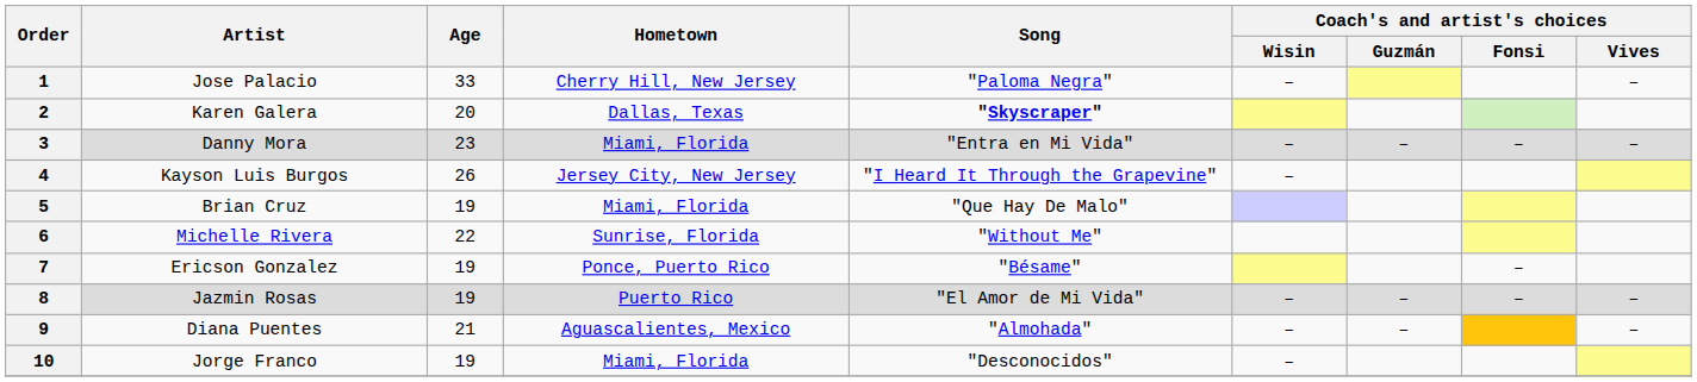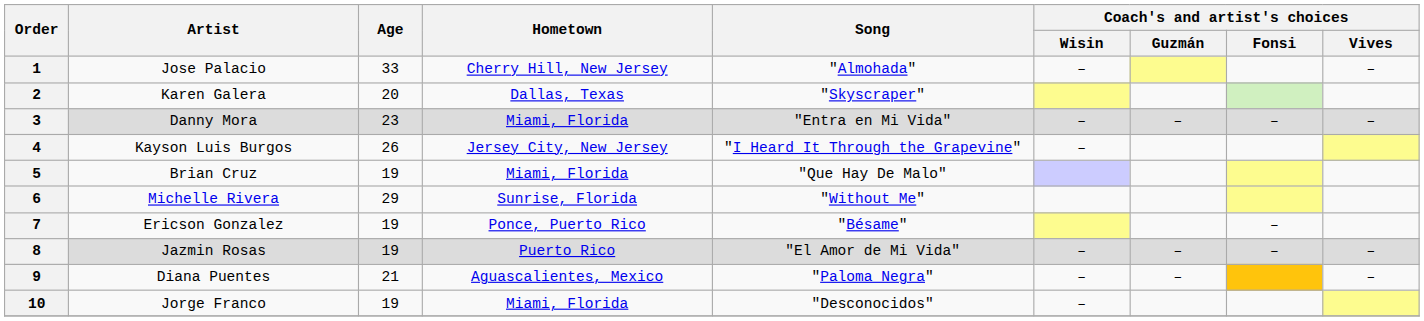 <table class="wikitable" style="text-align:center; line-height:17px; width:100%;">
 <tr>
 <th scope="col" rowspan="2" style="width:04%;">Order</th>
 <th scope="col" rowspan="2" style="width:18%;">Artist</th>
 <th scope="col" rowspan="2" style="width:04%;">Age</th>
 <th scope="col" rowspan="2" style="width:18%;">Hometown</th>
 <th scope="col" rowspan="2" style="width:20%;">Song</th>
 <th scope="col" colspan="4" style="width:24%;">Coach's and artist's choices</th>
 </tr>
 <tr>
 <th style="width:06%;">Wisin</th>
 <th style="width:06%;">Guzmán</th>
 <th style="width:06%;">Fonsi</th>
 <th style="width:06%;">Vives</th>
 </tr>
 <tr>
 <th>1</th>
 <td>Jose Palacio</td>
 <td>33</td>
 <td><a href='#'>Cherry Hill, New Jersey</a></td>
-<td>"<a href='#'>Paloma Negra</a>"</td>
+<td>"<a href='#'>Almohada</a>"</td>
 <td>–</td>
 <td style="background:#fdfc8f;"><strong></strong></td>
 <td><strong></strong></td>
 <td>–</td>
 </tr>
 <tr>
 <th>2</th>
 <td>Karen Galera</td>
 <td>20</td>
 <td><a href='#'>Dallas, Texas</a></td>
-<td><strong>"<a href='#'>Skyscraper</a>"</strong></td>
+<td>"<a href='#'>Skyscraper</a>"</td>
 <td style="background:#fdfc8f;"><strong></strong></td>
 <td><strong></strong></td>
 <td style="background-color:#d0f0c0;"><strong></strong></td>
 <td><strong></strong></td>
 </tr>
 <tr style="background:#dcdcdc;">
 <th>3</th>
 <td>Danny Mora</td>
 <td>23</td>
 <td><a href='#'>Miami, Florida</a></td>
 <td>"Entra en Mi Vida"</td>
 <td>–</td>
 <td>–</td>
 <td>–</td>
 <td>–</td>
 </tr>
 <tr>
 <th>4</th>
 <td>Kayson Luis Burgos</td>
 <td>26</td>
 <td><a href='#'>Jersey City, New Jersey</a></td>
 <td>"<a href='#'>I Heard It Through the Grapevine</a>"</td>
 <td>–</td>
 <td><strong></strong></td>
 <td><strong></strong></td>
 <td style="background:#fdfc8f;"><strong></strong></td>
 </tr>
 <tr>
 <th>5</th>
 <td>Brian Cruz</td>
 <td>19</td>
 <td><a href='#'>Miami, Florida</a></td>
 <td>"Que Hay De Malo"</td>
 <td style="background-color:#ccf;"><strong></strong></td>
 <td><strong></strong></td>
 <td style="background:#fdfc8f;"><strong></strong></td>
 <td><strong></strong></td>
 </tr>
 <tr>
 <th>6</th>
 <td><a href='#'>Michelle Rivera</a></td>
-<td>22</td>
+<td>29</td>
 <td><a href='#'>Sunrise, Florida</a></td>
 <td>"<a href='#'>Without Me</a>"</td>
 <td><strong></strong></td>
 <td><strong></strong></td>
 <td style="background:#fdfc8f;"><strong></strong></td>
 <td><strong></strong></td>
 </tr>
 <tr>
 <th>7</th>
 <td>Ericson Gonzalez</td>
 <td>19</td>
 <td><a href='#'>Ponce, Puerto Rico</a></td>
 <td>"<a href='#'>Bésame</a>"</td>
 <td style="background:#fdfc8f;"><strong></strong></td>
 <td><strong></strong></td>
 <td>–</td>
 <td><strong></strong></td>
 </tr>
 <tr style="background:#dcdcdc;">
 <th>8</th>
 <td>Jazmin Rosas</td>
 <td>19</td>
 <td><a href='#'>Puerto Rico</a></td>
 <td>"El Amor de Mi Vida"</td>
 <td>–</td>
 <td>–</td>
 <td>–</td>
 <td>–</td>
 </tr>
 <tr>
 <th>9</th>
 <td>Diana Puentes</td>
 <td>21</td>
 <td><a href='#'>Aguascalientes, Mexico</a></td>
-<td>"<a href='#'>Almohada</a>"</td>
+<td>"<a href='#'>Paloma Negra</a>"</td>
 <td>–</td>
 <td>–</td>
 <td style="background:#ffc40c;"><strong></strong></td>
 <td>–</td>
 </tr>
 <tr>
 <th>10</th>
 <td>Jorge Franco</td>
 <td>19</td>
 <td><a href='#'>Miami, Florida</a></td>
 <td>"Desconocidos"</td>
 <td>–</td>
 <td><strong></strong></td>
 <td><strong></strong></td>
 <td style="background:#fdfc8f;"><strong></strong></td>
 </tr>
 <tr>
 </tr>
 </table>
